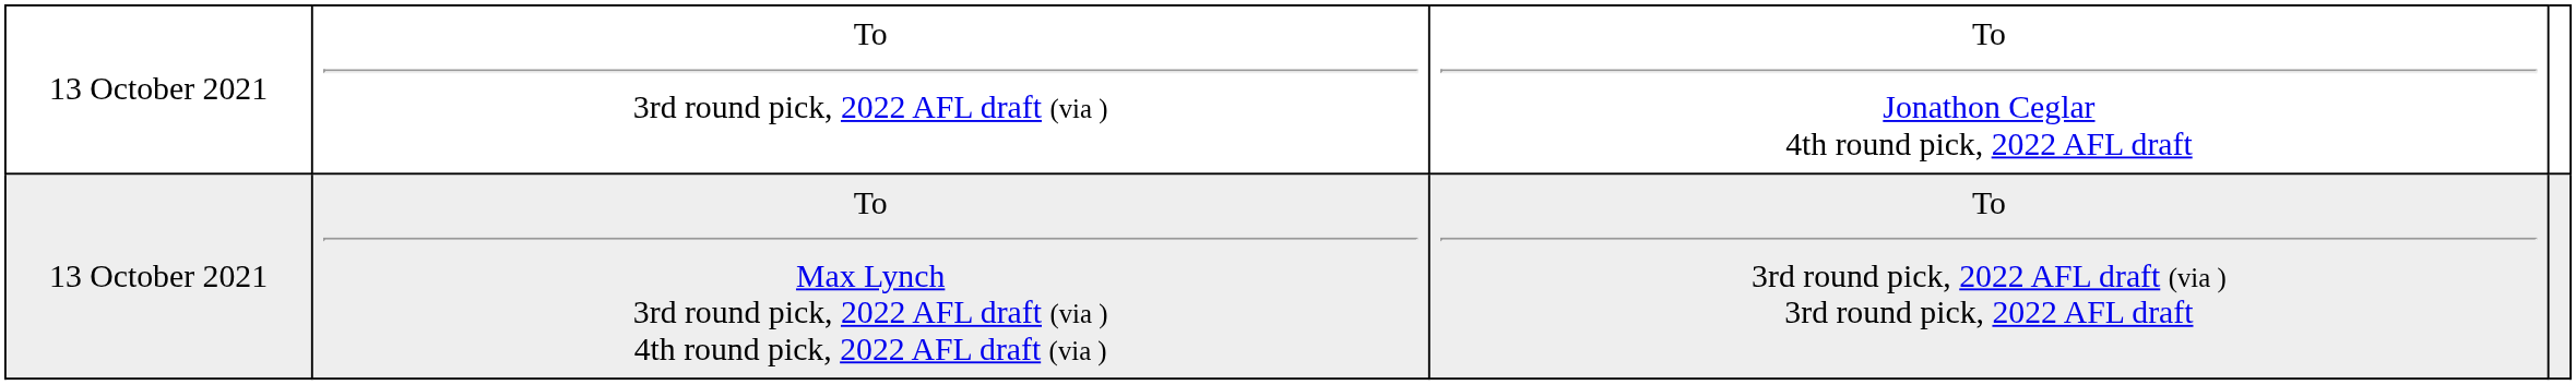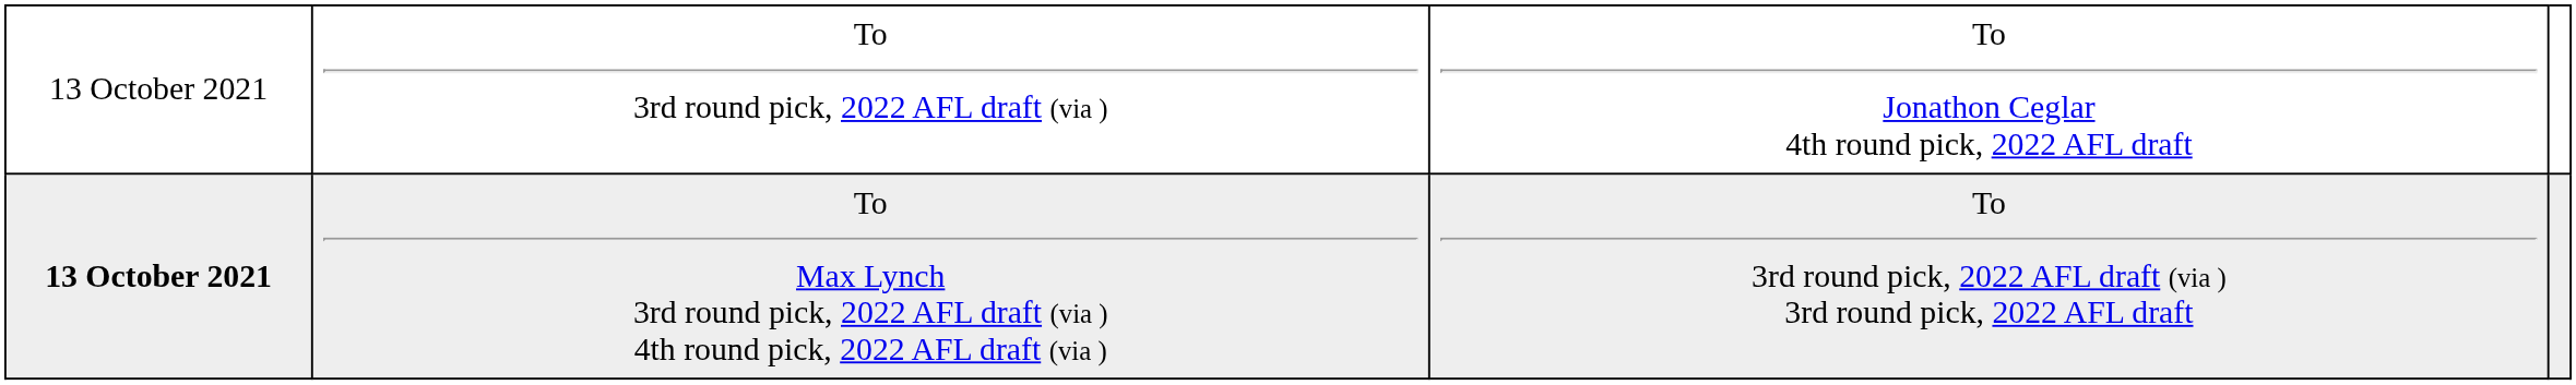 <table border=1 style="border-collapse:collapse; text-align: center; width: 100%" bordercolor="#000000"  cellpadding="5">
 <tr>
 <td style="width:12%">13 October 2021</td>
 <td style="width:44%; vertical-align:top;">To <strong></strong> <hr> 3rd round pick, <a href='#'>2022 AFL draft</a> <small>(via )</small></td>
 <td style="width:44%; vertical-align:top;">To <strong></strong> <hr> <a href='#'>Jonathon Ceglar</a> <br> 4th round pick, <a href='#'>2022 AFL draft</a></td>
 <td></td>
 </tr>
 <tr style="background:#EEE">
-<td style="width:12%">13 October 2021</td>
+<td style="width:12%"><strong>13 October 2021</strong></td>
 <td style="width:44%; vertical-align:top;">To <strong></strong> <hr> <a href='#'>Max Lynch</a> <br> 3rd round pick, <a href='#'>2022 AFL draft</a> <small>(via )</small> <br> 4th round pick, <a href='#'>2022 AFL draft</a> <small>(via )</small></td>
 <td style="width:44%; vertical-align:top;">To <strong></strong> <hr> 3rd round pick, <a href='#'>2022 AFL draft</a> <small>(via )</small> <br> 3rd round pick, <a href='#'>2022 AFL draft</a></td>
 <td></td>
 </tr>
 </table>
